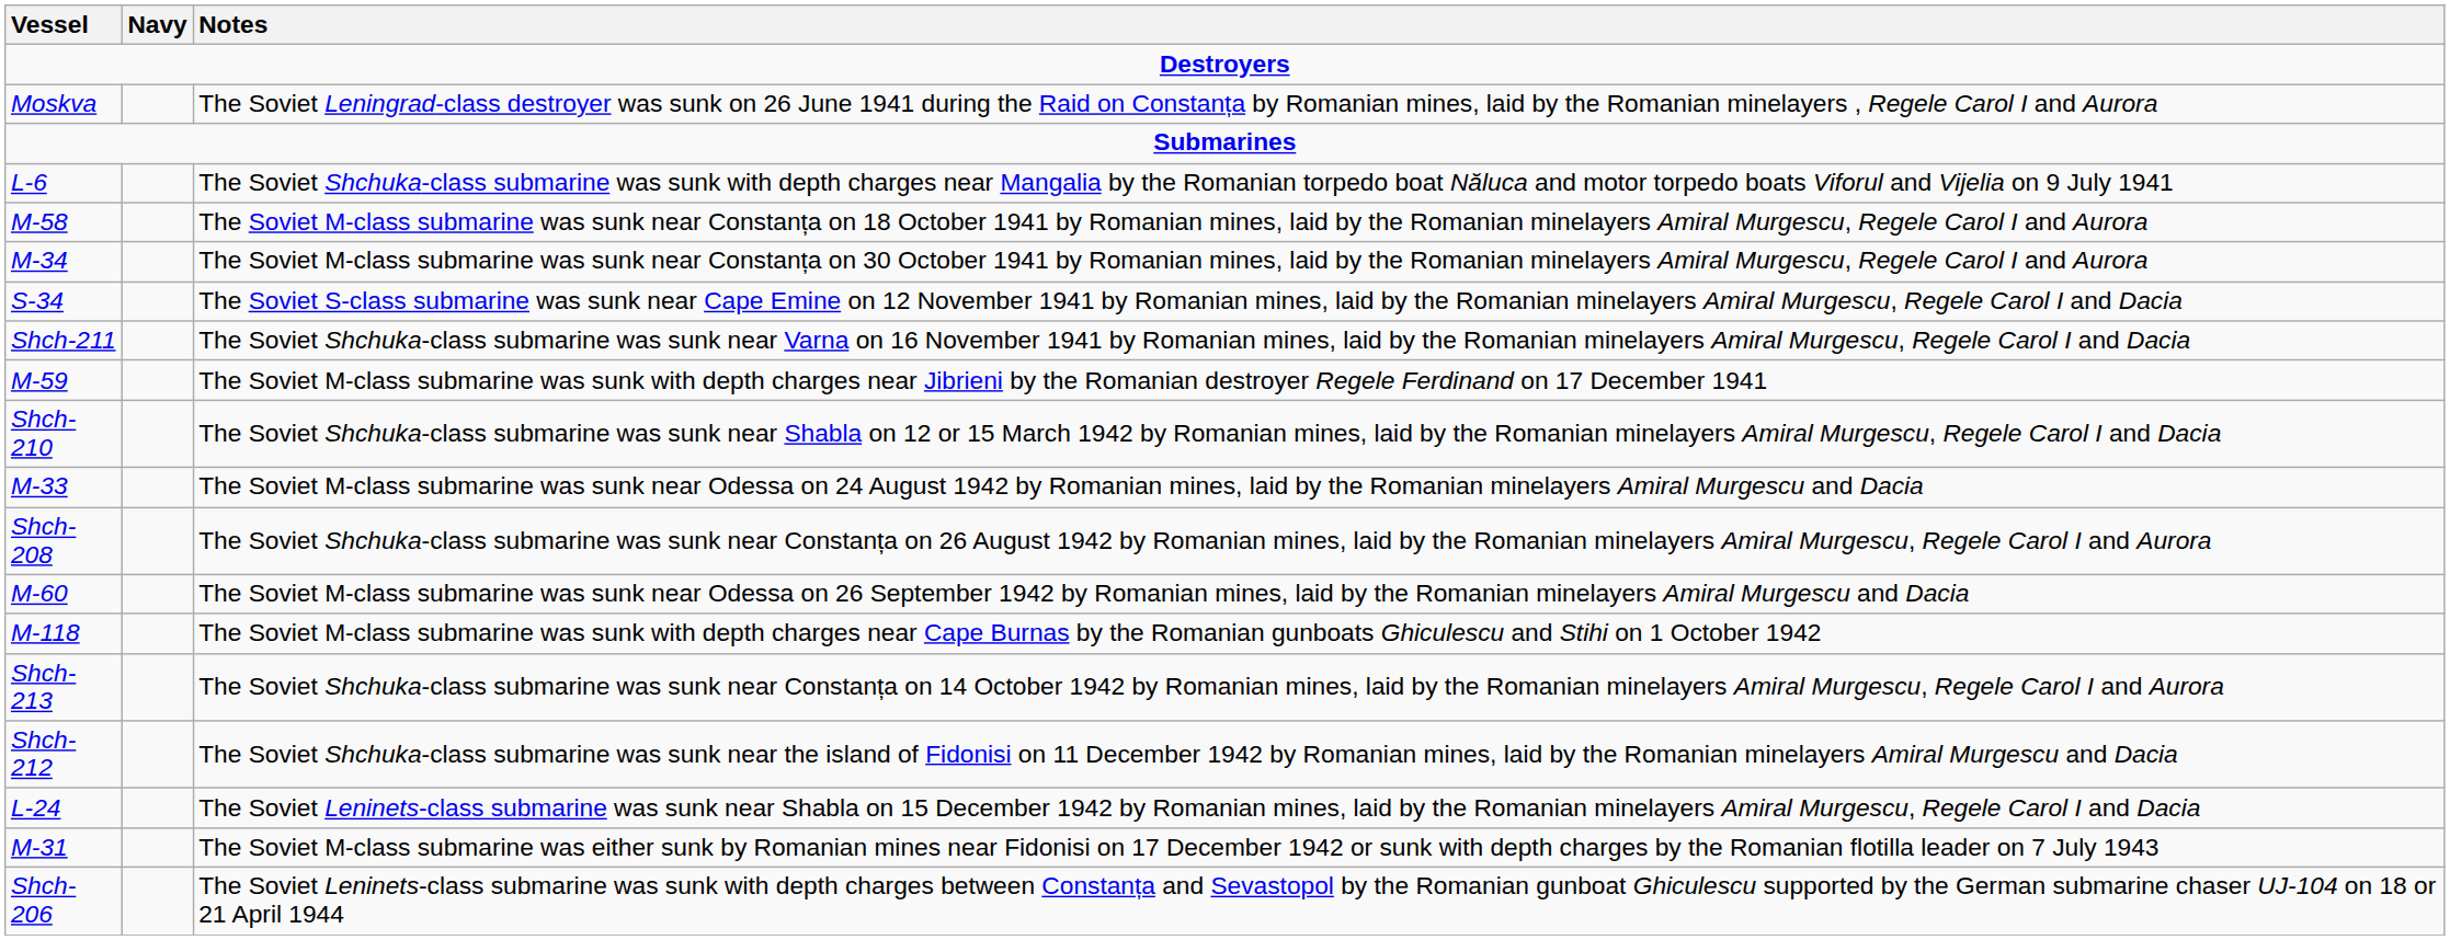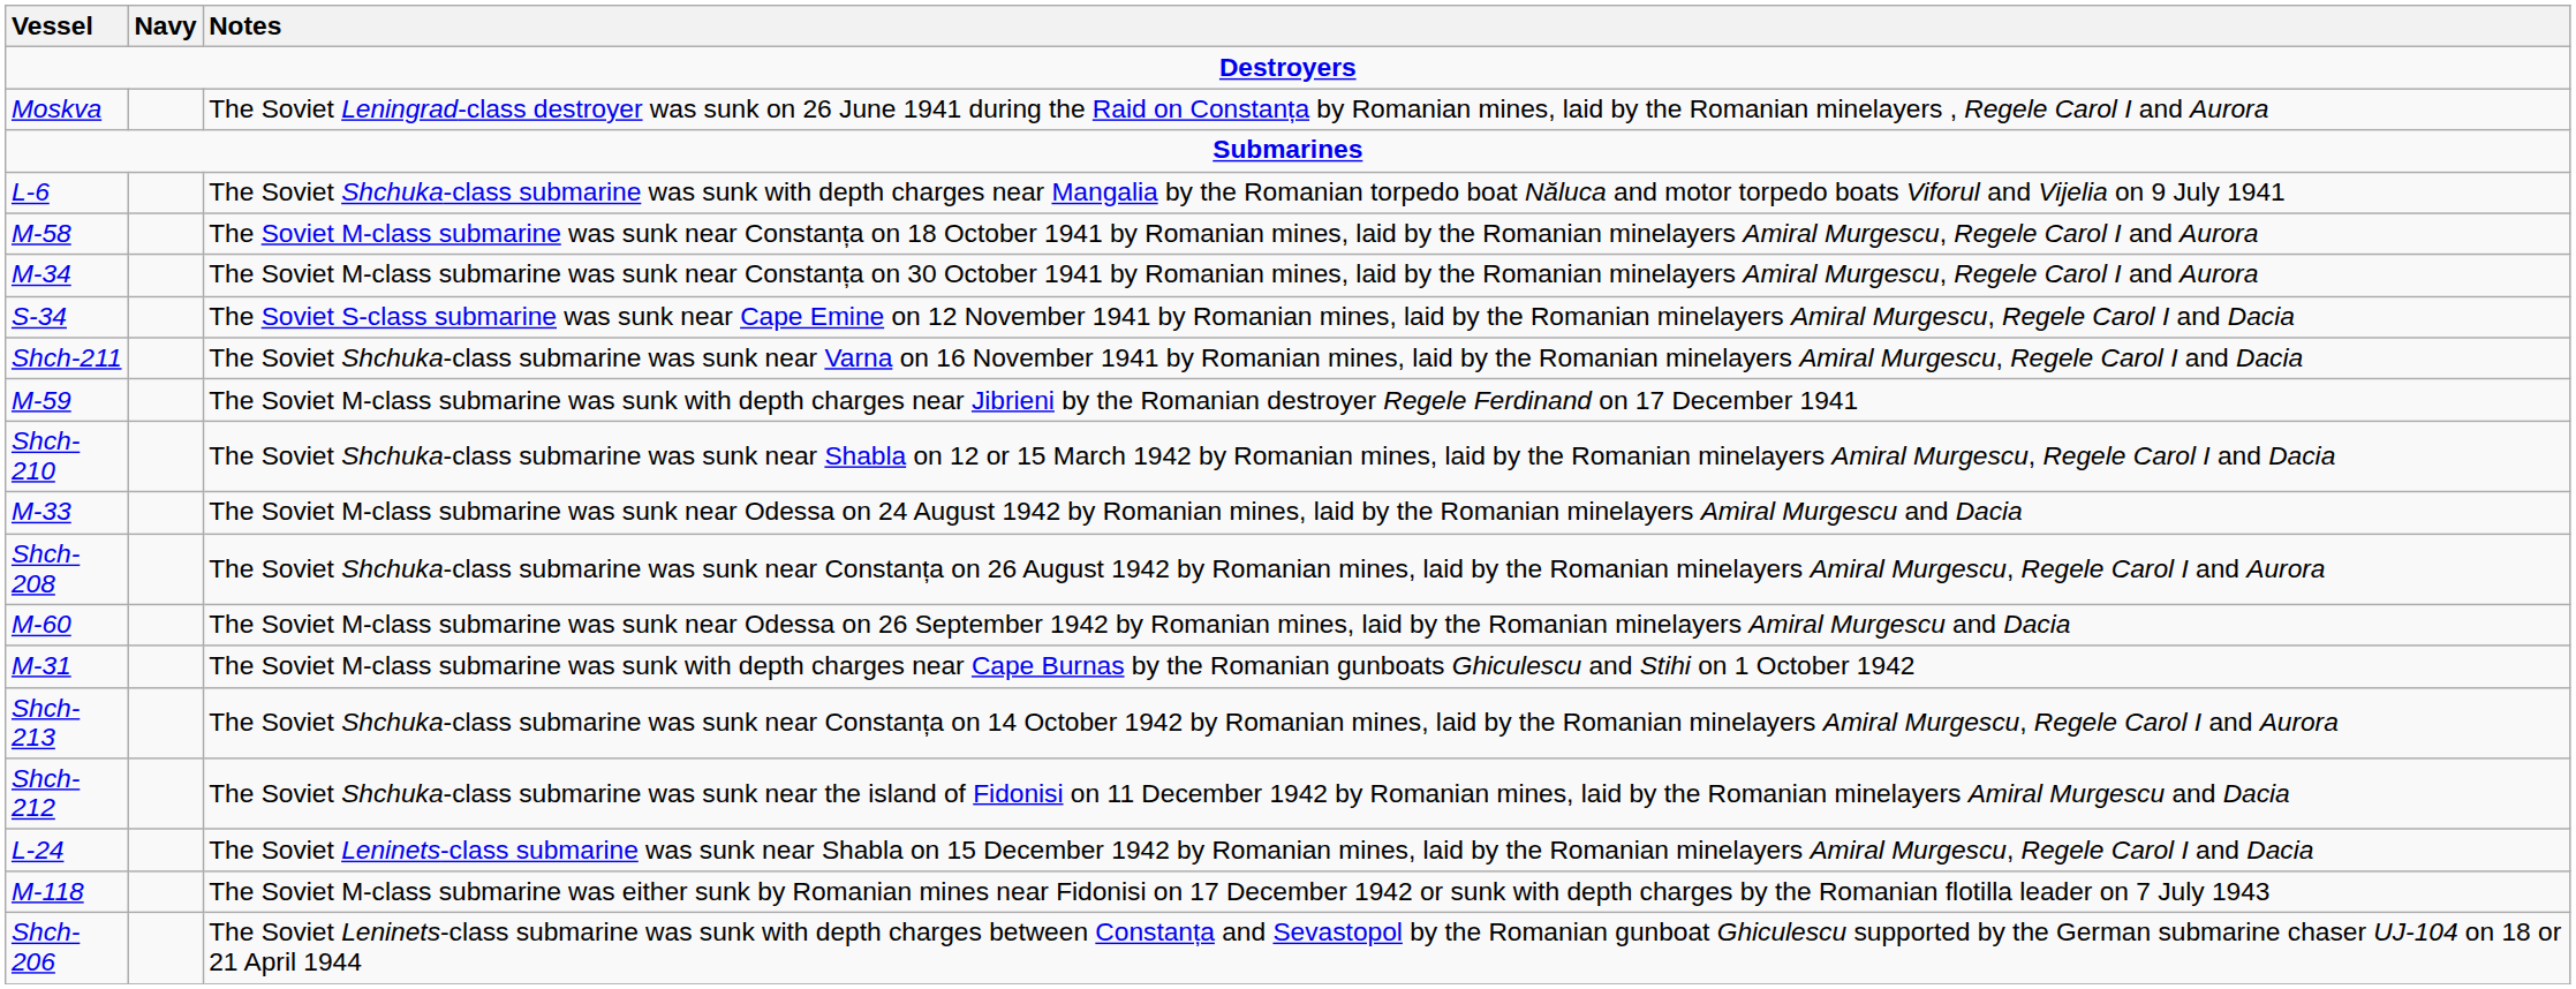 <table role="presentation" class="wikitable">
 <tr>
 <th style="text-align: left;">Vessel</th>
 <th style="text-align: left;">Navy</th>
 <th style="text-align: left;">Notes</th>
 </tr>
 <tr>
 <th colspan="6" style="background:#f9f9f9;"><a href='#'>Destroyers</a></th>
 </tr>
 <tr>
 <td><em><a href='#'>Moskva</a></em></td>
 <td></td>
 <td>The Soviet <a href='#'><em>Leningrad</em>-class destroyer</a> was sunk on 26 June 1941 during the <a href='#'>Raid on Constanța</a> by Romanian mines, laid by the Romanian minelayers , <em>Regele Carol I</em>  and <em>Aurora</em></td>
 </tr>
 <tr>
 <th colspan="6" style="background:#f9f9f9;"><a href='#'>Submarines</a></th>
 </tr>
 <tr>
 <td><em><a href='#'>L-6</a></em></td>
 <td></td>
 <td>The Soviet <a href='#'><em>Shchuka</em>-class submarine</a> was sunk with depth charges near <a href='#'>Mangalia</a> by the Romanian torpedo boat <em>Năluca</em> and motor torpedo boats <em>Viforul</em> and <em>Vijelia</em> on 9 July 1941</td>
 </tr>
 <tr>
 <td><em><a href='#'>M-58</a></em></td>
 <td></td>
 <td>The <a href='#'>Soviet M-class submarine</a> was sunk near Constanța on 18 October 1941 by Romanian mines, laid by the Romanian minelayers <em>Amiral Murgescu</em>, <em>Regele Carol I</em> and <em>Aurora</em></td>
 </tr>
 <tr>
 <td><em><a href='#'>M-34</a></em></td>
 <td></td>
 <td>The Soviet M-class submarine was sunk near Constanța on 30 October 1941 by Romanian mines, laid by the Romanian minelayers <em>Amiral Murgescu</em>, <em>Regele Carol I</em> and <em>Aurora</em></td>
 </tr>
 <tr>
 <td><em><a href='#'>S-34</a></em></td>
 <td></td>
 <td>The <a href='#'>Soviet S-class submarine</a> was sunk near <a href='#'>Cape Emine</a> on 12 November 1941 by Romanian mines, laid by the Romanian minelayers <em>Amiral Murgescu</em>, <em>Regele Carol I</em> and <em>Dacia</em></td>
 </tr>
 <tr>
 <td><em><a href='#'>Shch-211</a></em></td>
 <td></td>
 <td>The Soviet <em>Shchuka</em>-class submarine was sunk near <a href='#'>Varna</a> on 16 November 1941 by Romanian mines, laid by the Romanian minelayers <em>Amiral Murgescu</em>, <em>Regele Carol I</em> and <em>Dacia</em></td>
 </tr>
 <tr>
 <td><em><a href='#'>M-59</a></em></td>
 <td></td>
 <td>The Soviet M-class submarine was sunk with depth charges near <a href='#'>Jibrieni</a> by the Romanian destroyer <em>Regele Ferdinand</em> on 17 December 1941</td>
 </tr>
 <tr>
 <td><em><a href='#'>Shch-210</a></em></td>
 <td></td>
 <td>The Soviet <em>Shchuka</em>-class submarine was sunk near <a href='#'>Shabla</a> on 12 or 15 March 1942 by Romanian mines, laid by the Romanian minelayers <em>Amiral Murgescu</em>, <em>Regele Carol I</em> and <em>Dacia</em></td>
 </tr>
 <tr>
 <td><em><a href='#'>M-33</a></em></td>
 <td></td>
 <td>The Soviet M-class submarine was sunk near Odessa on 24 August 1942 by Romanian mines, laid by the Romanian minelayers <em>Amiral Murgescu</em> and <em>Dacia</em></td>
 </tr>
 <tr>
 <td><em><a href='#'>Shch-208</a></em></td>
 <td></td>
 <td>The Soviet <em>Shchuka</em>-class submarine was sunk near Constanța on 26 August 1942 by Romanian mines, laid by the Romanian minelayers <em>Amiral Murgescu</em>, <em>Regele Carol I</em> and <em>Aurora</em></td>
 </tr>
 <tr>
 <td><em><a href='#'>M-60</a></em></td>
 <td></td>
 <td>The Soviet M-class submarine was sunk near Odessa on 26 September 1942 by Romanian mines, laid by the Romanian minelayers <em>Amiral Murgescu</em> and <em>Dacia</em></td>
 </tr>
 <tr>
-<td><em><a href='#'>M-118</a></em></td>
+<td><em><a href='#'>M-31</a></em></td>
 <td></td>
 <td>The Soviet M-class submarine was sunk with depth charges near <a href='#'>Cape Burnas</a> by the Romanian gunboats <em>Ghiculescu</em> and <em>Stihi</em> on 1 October 1942</td>
 </tr>
 <tr>
 <td><em><a href='#'>Shch-213</a></em></td>
 <td></td>
 <td>The Soviet <em>Shchuka</em>-class submarine was sunk near Constanța on 14 October 1942 by Romanian mines, laid by the Romanian minelayers <em>Amiral Murgescu</em>, <em>Regele Carol I</em> and <em>Aurora</em></td>
 </tr>
 <tr>
 <td><em><a href='#'>Shch-212</a></em></td>
 <td></td>
 <td>The Soviet <em>Shchuka</em>-class submarine was sunk near the island of <a href='#'>Fidonisi</a> on 11 December 1942 by Romanian mines, laid by the Romanian minelayers <em>Amiral Murgescu</em> and <em>Dacia</em></td>
 </tr>
 <tr>
 <td><em><a href='#'>L-24</a></em></td>
 <td></td>
 <td>The Soviet <a href='#'><em>Leninets</em>-class submarine</a> was sunk near Shabla on 15 December 1942 by Romanian mines, laid by the Romanian minelayers <em>Amiral Murgescu</em>, <em>Regele Carol I</em> and <em>Dacia</em></td>
 </tr>
 <tr>
-<td><em><a href='#'>M-31</a></em></td>
+<td><em><a href='#'>M-118</a></em></td>
 <td></td>
 <td>The Soviet M-class submarine was either sunk by Romanian mines near Fidonisi on 17 December 1942 or sunk with depth charges by the Romanian flotilla leader  on 7 July 1943</td>
 </tr>
 <tr>
 <td><em><a href='#'>Shch-206</a></em></td>
 <td></td>
 <td>The Soviet <em>Leninets</em>-class submarine was sunk with depth charges between <a href='#'>Constanța</a> and <a href='#'>Sevastopol</a> by the Romanian gunboat <em>Ghiculescu</em> supported by the German submarine chaser <em>UJ-104</em> on 18 or 21 April 1944</td>
 </tr>
 </table>
